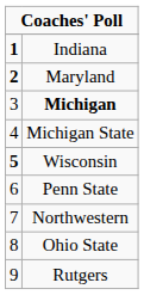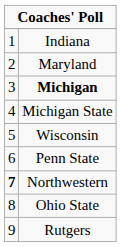 <table class="wikitable" style="display: inline-table;">
 <tr>
 <td align="center" Colspan="3"><strong>Coaches' Poll</strong></td>
 </tr>
 <tr align="center">
 </tr>
 <tr align="center">
-<td><strong>1</strong></td>
+<td>1</td>
 <td>Indiana</td>
 </tr>
 <tr align="center">
-<td><strong>2</strong></td>
+<td>2</td>
 <td>Maryland</td>
 </tr>
 <tr align="center">
 <td>3</td>
 <td><strong>Michigan</strong></td>
 </tr>
 <tr align="center">
 <td>4</td>
 <td>Michigan State</td>
 </tr>
 <tr align="center">
-<td><strong>5</strong></td>
+<td>5</td>
 <td>Wisconsin</td>
 </tr>
 <tr align="center">
 <td>6</td>
 <td>Penn State</td>
 </tr>
 <tr align="center">
-<td>7</td>
+<td><strong>7</strong></td>
 <td>Northwestern</td>
 </tr>
 <tr align="center">
 <td>8</td>
 <td>Ohio State</td>
 </tr>
 <tr align="center">
 <td>9</td>
 <td>Rutgers</td>
 </tr>
 </table>
